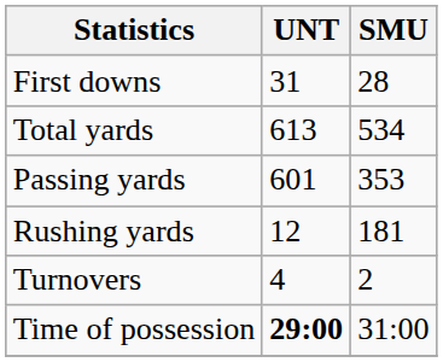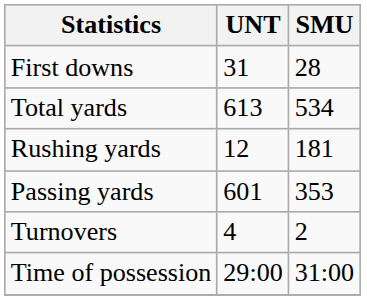 <table class="wikitable">
 <tr>
 <th>Statistics</th>
 <th>UNT</th>
 <th>SMU</th>
 </tr>
 <tr>
 <td>First downs</td>
 <td>31</td>
 <td>28</td>
 </tr>
 <tr>
 <td>Total yards</td>
 <td>613</td>
 <td>534</td>
 </tr>
 <tr>
+<td>Rushing yards</td>
+<td>12</td>
+<td>181</td>
+</tr>
+<tr>
 <td>Passing yards</td>
 <td>601</td>
 <td>353</td>
-</tr>
-<tr>
-<td>Rushing yards</td>
-<td>12</td>
-<td>181</td>
 </tr>
 <tr>
 <td>Turnovers</td>
 <td>4</td>
 <td>2</td>
 </tr>
 <tr>
 <td>Time of possession</td>
-<td><strong>29:00</strong></td>
+<td>29:00</td>
 <td>31:00</td>
 </tr>
 <tr>
 </tr>
 </table>
